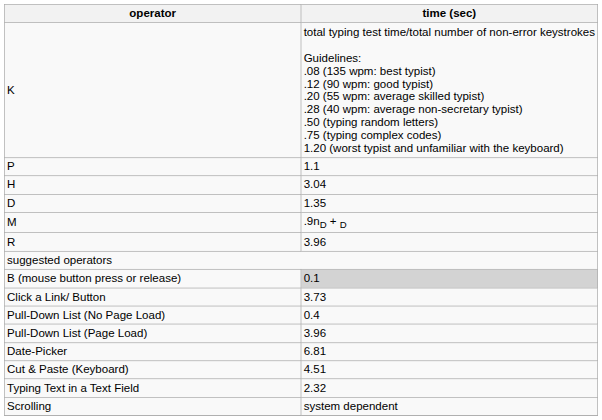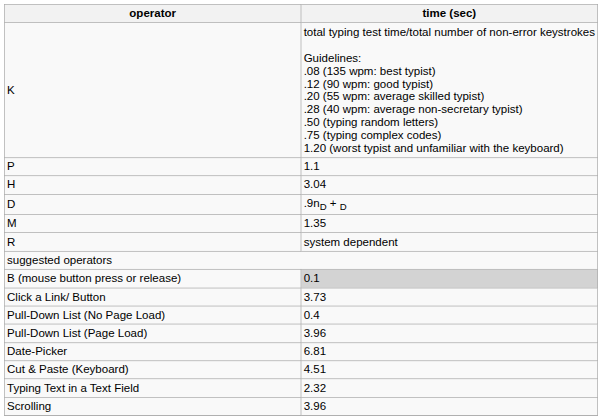 <table class="wikitable">
 <tr>
 <th width="50%">operator</th>
 <th>time (sec)</th>
 </tr>
 <tr>
 <td>K</td>
 <td>total typing test time/total number of non-error keystrokes<br><br>Guidelines:<br> .08 (135 wpm: best typist)<br> .12 (90 wpm: good typist)<br> .20 (55 wpm: average skilled typist)<br> .28 (40 wpm: average non-secretary typist)<br> .50 (typing random letters)<br> .75 (typing complex codes)<br> 1.20 (worst typist and unfamiliar with the keyboard)</td>
 </tr>
 <tr>
 <td>P</td>
 <td>1.1</td>
 </tr>
 <tr>
 <td>H</td>
 <td>3.04</td>
 </tr>
 <tr>
 <td>D</td>
+<td>.9n<sub>D</sub> + <sub>D</sub></td>
+</tr>
+<tr>
+<td>M</td>
 <td>1.35</td>
 </tr>
 <tr>
-<td>M</td>
-<td>.9n<sub>D</sub> + <sub>D</sub></td>
-</tr>
-<tr>
 <td>R</td>
-<td>3.96</td>
+<td>system dependent</td>
 </tr>
 <tr>
 <td colspan="2">suggested operators</td>
 </tr>
 <tr>
 <td>B (mouse button press or release)</td>
 <td style="background: lightgrey;">0.1</td>
 </tr>
 <tr>
 <td>Click a Link/ Button</td>
 <td>3.73</td>
 </tr>
 <tr>
 <td>Pull-Down List (No Page Load)</td>
 <td>0.4</td>
 </tr>
 <tr>
 <td>Pull-Down List (Page Load)</td>
 <td>3.96</td>
 </tr>
 <tr>
 <td>Date-Picker</td>
 <td>6.81</td>
 </tr>
 <tr>
 <td>Cut & Paste (Keyboard)</td>
 <td>4.51</td>
 </tr>
 <tr>
 <td>Typing Text in a Text Field</td>
 <td>2.32</td>
 </tr>
 <tr>
 <td>Scrolling</td>
-<td>system dependent</td>
+<td>3.96</td>
 </tr>
 <tr>
 </tr>
 </table>
